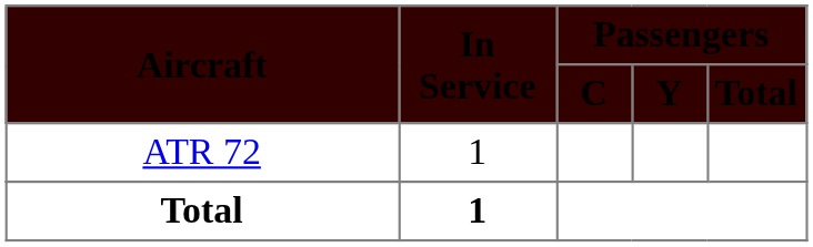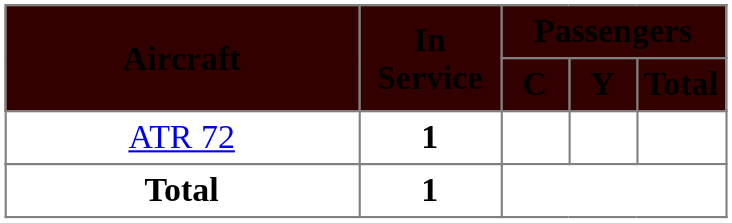 <table class="toccolours" border="1" cellpadding="3" style="border-collapse:collapse;text-align:center;margin: 1em auto;">
 <tr bgcolor=#330000>
 <th rowspan="2" style="width:160px;"><span>Aircraft</span></th>
 <th rowspan="2" style="width:60px;"><span>In Service</span></th>
 <th colspan="3" class="unsortable"><span>Passengers</span></th>
 </tr>
 <tr style="background:#330000;">
 <th style="width:25px;"><abbr><span>C</span></abbr></th>
 <th style="width:25px;"><abbr><span>Y</span></abbr></th>
 <th style="width:25px;"><abbr><span>Total</span></abbr></th>
 </tr>
 <tr>
 <td><a href='#'>ATR 72</a></td>
-<td align=center>1</td>
+<td align=center><strong>1</strong></td>
 <td></td>
 <td></td>
 <td></td>
 </tr>
 <tr>
 </tr>
 <tr>
 <th>Total</th>
 <th>1</th>
 </tr>
 </table>
